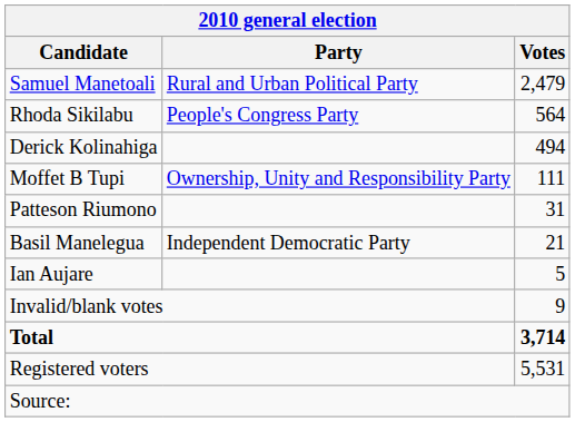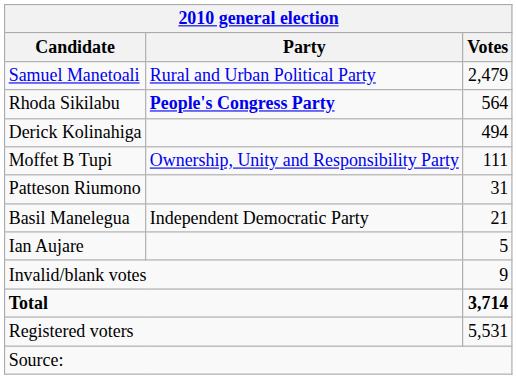 <table class=wikitable style=text-align:left>
 <tr>
 <th colspan=3><a href='#'>2010 general election</a></th>
 </tr>
 <tr>
 <th>Candidate</th>
 <th>Party</th>
 <th>Votes</th>
 </tr>
 <tr>
 <td><a href='#'>Samuel Manetoali</a></td>
 <td><a href='#'>Rural and Urban Political Party</a></td>
 <td align=right>2,479</td>
 </tr>
 <tr>
 <td>Rhoda Sikilabu</td>
-<td><a href='#'>People's Congress Party</a></td>
+<td><strong><a href='#'>People's Congress Party</a></strong></td>
 <td align=right>564</td>
 </tr>
 <tr>
 <td>Derick Kolinahiga</td>
 <td></td>
 <td align=right>494</td>
 </tr>
 <tr>
 <td>Moffet B Tupi</td>
 <td><a href='#'>Ownership, Unity and Responsibility Party</a></td>
 <td align=right>111</td>
 </tr>
 <tr>
 <td>Patteson Riumono</td>
 <td></td>
 <td align=right>31</td>
 </tr>
 <tr>
 <td>Basil Manelegua</td>
 <td>Independent Democratic Party</td>
 <td align=right>21</td>
 </tr>
 <tr>
 <td>Ian Aujare</td>
 <td></td>
 <td align=right>5</td>
 </tr>
 <tr>
 <td colspan=2>Invalid/blank votes</td>
 <td align=right>9</td>
 </tr>
 <tr>
 <td colspan=2><strong>Total</strong></td>
 <td align=right><strong>3,714</strong></td>
 </tr>
 <tr>
 <td colspan=2>Registered voters</td>
 <td align=right>5,531</td>
 </tr>
 <tr>
 <td colspan=3>Source: </td>
 </tr>
 </table>
